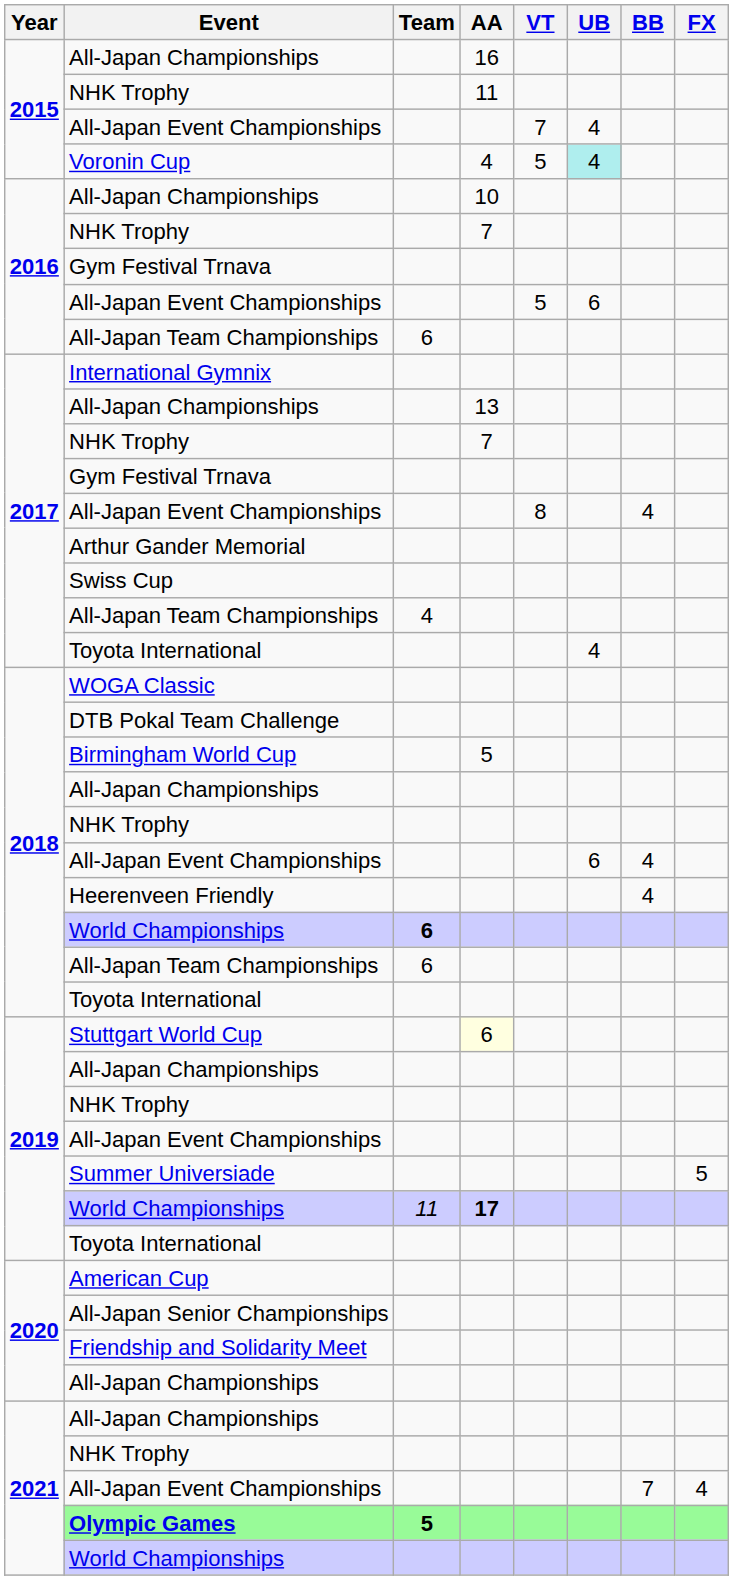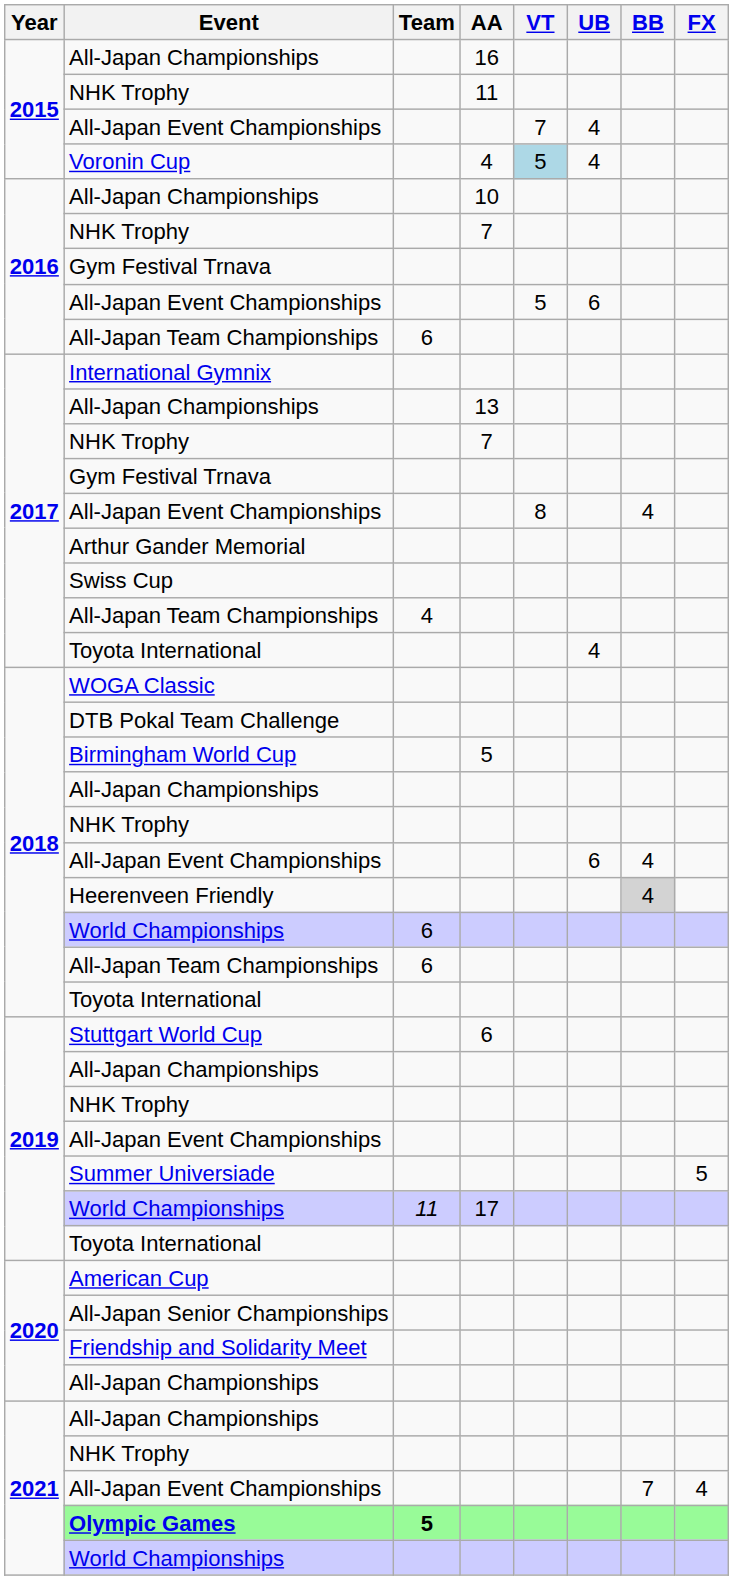 <table class="wikitable" style="text-align:center; font-size:95%;">
 <tr>
 <th align=center>Year</th>
 <th align=center>Event</th>
 <th style="width:30px;">Team</th>
 <th style="width:30px;">AA</th>
 <th style="width:30px;"><a href='#'>VT</a></th>
 <th style="width:30px;"><a href='#'>UB</a></th>
 <th style="width:30px;"><a href='#'>BB</a></th>
 <th style="width:30px;"><a href='#'>FX</a></th>
 </tr>
 <tr>
 <td rowspan="4"><strong><a href='#'>2015</a></strong></td>
 <td align=left>All-Japan Championships</td>
 <td></td>
 <td>16</td>
 <td></td>
 <td></td>
 <td></td>
 <td></td>
 </tr>
 <tr>
 <td align=left>NHK Trophy</td>
 <td></td>
 <td>11</td>
 <td></td>
 <td></td>
 <td></td>
 <td></td>
 </tr>
 <tr>
 <td align=left>All-Japan Event Championships</td>
 <td></td>
 <td></td>
 <td>7</td>
 <td>4</td>
 <td></td>
 <td></td>
 </tr>
 <tr>
 <td align=left><a href='#'>Voronin Cup</a></td>
 <td></td>
 <td>4</td>
-<td>5</td>
-<td style="background: paleturquoise;">4</td>
+<td style="background: lightblue;">5</td>
+<td>4</td>
 <td></td>
 <td></td>
 </tr>
 <tr>
 <td rowspan="5"><strong><a href='#'>2016</a></strong></td>
 <td align=left>All-Japan Championships</td>
 <td></td>
 <td>10</td>
 <td></td>
 <td></td>
 <td></td>
 <td></td>
 </tr>
 <tr>
 <td align=left>NHK Trophy</td>
 <td></td>
 <td>7</td>
 <td></td>
 <td></td>
 <td></td>
 <td></td>
 </tr>
 <tr>
 <td align=left>Gym Festival Trnava</td>
 <td></td>
 <td></td>
 <td></td>
 <td></td>
 <td></td>
 <td></td>
 </tr>
 <tr>
 <td align=left>All-Japan Event Championships</td>
 <td></td>
 <td></td>
 <td>5</td>
 <td>6</td>
 <td></td>
 <td></td>
 </tr>
 <tr>
 <td align=left>All-Japan Team Championships</td>
 <td>6</td>
 <td></td>
 <td></td>
 <td></td>
 <td></td>
 </tr>
 <tr>
 <td rowspan="9"><strong><a href='#'>2017</a></strong></td>
 <td align=left><a href='#'>International Gymnix</a></td>
 <td></td>
 <td></td>
 <td></td>
 <td></td>
 <td></td>
 <td></td>
 </tr>
 <tr>
 <td align=left>All-Japan Championships</td>
 <td></td>
 <td>13</td>
 <td></td>
 <td></td>
 <td></td>
 <td></td>
 </tr>
 <tr>
 <td align=left>NHK Trophy</td>
 <td></td>
 <td>7</td>
 <td></td>
 <td></td>
 <td></td>
 <td></td>
 </tr>
 <tr>
 <td align=left>Gym Festival Trnava</td>
 <td></td>
 <td></td>
 <td></td>
 <td></td>
 <td></td>
 <td></td>
 </tr>
 <tr>
 <td align=left>All-Japan Event Championships</td>
 <td></td>
 <td></td>
 <td>8</td>
 <td></td>
 <td>4</td>
 <td></td>
 </tr>
 <tr>
 <td align=left>Arthur Gander Memorial</td>
 <td></td>
 <td></td>
 <td></td>
 <td></td>
 <td></td>
 <td></td>
 </tr>
 <tr>
 <td align=left>Swiss Cup</td>
 <td></td>
 <td></td>
 <td></td>
 <td></td>
 <td></td>
 <td></td>
 </tr>
 <tr>
 <td align=left>All-Japan Team Championships</td>
 <td>4</td>
 <td></td>
 <td></td>
 <td></td>
 <td></td>
 </tr>
 <tr>
 <td align=left>Toyota International</td>
 <td></td>
 <td></td>
 <td></td>
 <td>4</td>
 <td></td>
 <td></td>
 </tr>
 <tr>
 <td rowspan="10"><strong><a href='#'>2018</a></strong></td>
 <td align=left><a href='#'>WOGA Classic</a></td>
 <td></td>
 <td></td>
 <td></td>
 <td></td>
 <td></td>
 <td></td>
 </tr>
 <tr>
 <td align=left>DTB Pokal Team Challenge</td>
 <td></td>
 <td></td>
 <td></td>
 <td></td>
 <td></td>
 </tr>
 <tr>
 <td align=left><a href='#'>Birmingham World Cup</a></td>
 <td></td>
 <td>5</td>
 <td></td>
 <td></td>
 <td></td>
 <td></td>
 </tr>
 <tr>
 <td align=left>All-Japan Championships</td>
 <td></td>
 <td></td>
 <td></td>
 <td></td>
 <td></td>
 <td></td>
 </tr>
 <tr>
 <td align=left>NHK Trophy</td>
 <td></td>
 <td></td>
 <td></td>
 <td></td>
 <td></td>
 <td></td>
 </tr>
 <tr>
 <td align=left>All-Japan Event Championships</td>
 <td></td>
 <td></td>
 <td></td>
 <td>6</td>
 <td>4</td>
 <td></td>
 </tr>
 <tr>
 <td align=left>Heerenveen Friendly</td>
 <td></td>
 <td></td>
 <td></td>
 <td></td>
-<td>4</td>
+<td style="background: lightgrey;">4</td>
 <td></td>
 </tr>
 <tr bgcolor=#CCCCFF>
 <td align=left><a href='#'>World Championships</a></td>
-<td><strong>6</strong></td>
+<td>6</td>
 <td></td>
 <td></td>
 <td></td>
 <td></td>
 <td></td>
 </tr>
 <tr>
 <td align=left>All-Japan Team Championships</td>
 <td>6</td>
 <td></td>
 <td></td>
 <td></td>
 <td></td>
 </tr>
 <tr>
 <td align=left>Toyota International</td>
 <td></td>
 <td></td>
 <td></td>
 <td></td>
 <td></td>
 <td></td>
 </tr>
 <tr>
 <td rowspan="7"><strong><a href='#'>2019</a></strong></td>
 <td align=left><a href='#'>Stuttgart World Cup</a></td>
 <td></td>
-<td style="background: lightyellow;">6</td>
+<td>6</td>
 <td></td>
 <td></td>
 <td></td>
 <td></td>
 </tr>
 <tr>
 <td align=left>All-Japan Championships</td>
 <td></td>
 <td></td>
 <td></td>
 <td></td>
 <td></td>
 <td></td>
 </tr>
 <tr>
 <td align=left>NHK Trophy</td>
 <td></td>
 <td></td>
 <td></td>
 <td></td>
 <td></td>
 <td></td>
 </tr>
 <tr>
 <td align=left>All-Japan Event Championships</td>
 <td></td>
 <td></td>
 <td></td>
 <td></td>
 <td></td>
 <td></td>
 </tr>
 <tr>
 <td align=left><a href='#'>Summer Universiade</a></td>
 <td></td>
 <td></td>
 <td></td>
 <td></td>
 <td></td>
 <td>5</td>
 </tr>
 <tr bgcolor=#CCCCFF>
 <td align=left><a href='#'>World Championships</a></td>
 <td><em>11</em></td>
-<td><strong>17</strong></td>
+<td>17</td>
 <td></td>
 <td></td>
 <td></td>
 <td></td>
 </tr>
 <tr>
 <td align=left>Toyota International</td>
 <td></td>
 <td></td>
 <td></td>
 <td></td>
 <td></td>
 <td></td>
 </tr>
 <tr>
 <td rowspan="4"><strong><a href='#'>2020</a></strong></td>
 <td align=left><a href='#'>American Cup</a></td>
 <td></td>
 <td></td>
 <td></td>
 <td></td>
 <td></td>
 <td></td>
 </tr>
 <tr>
 <td align=left>All-Japan Senior Championships</td>
 <td></td>
 <td></td>
 <td></td>
 <td></td>
 <td></td>
 <td></td>
 </tr>
 <tr>
 <td align=left><a href='#'>Friendship and Solidarity Meet</a></td>
 <td></td>
 <td></td>
 <td></td>
 <td></td>
 <td></td>
 <td></td>
 </tr>
 <tr>
 <td align=left>All-Japan Championships</td>
 <td></td>
 <td></td>
 <td></td>
 <td></td>
 <td></td>
 <td></td>
 </tr>
 <tr>
 <td rowspan="5"><strong><a href='#'>2021</a></strong></td>
 <td align=left>All-Japan Championships</td>
 <td></td>
 <td></td>
 <td></td>
 <td></td>
 <td></td>
 <td></td>
 </tr>
 <tr>
 <td align=left>NHK Trophy</td>
 <td></td>
 <td></td>
 <td></td>
 <td></td>
 <td></td>
 <td></td>
 </tr>
 <tr>
 <td align=left>All-Japan Event Championships</td>
 <td></td>
 <td></td>
 <td></td>
 <td></td>
 <td>7</td>
 <td>4</td>
 </tr>
 <tr bgcolor=98FB98>
 <td align=left><strong><a href='#'>Olympic Games</a></strong></td>
 <td><strong>5</strong></td>
 <td></td>
 <td></td>
 <td></td>
 <td></td>
 <td></td>
 </tr>
 <tr bgcolor=#CCCCFF>
 <td align=left><a href='#'>World Championships</a></td>
 <td></td>
 <td></td>
 <td></td>
 <td></td>
 <td></td>
 <td></td>
 </tr>
 </table>
